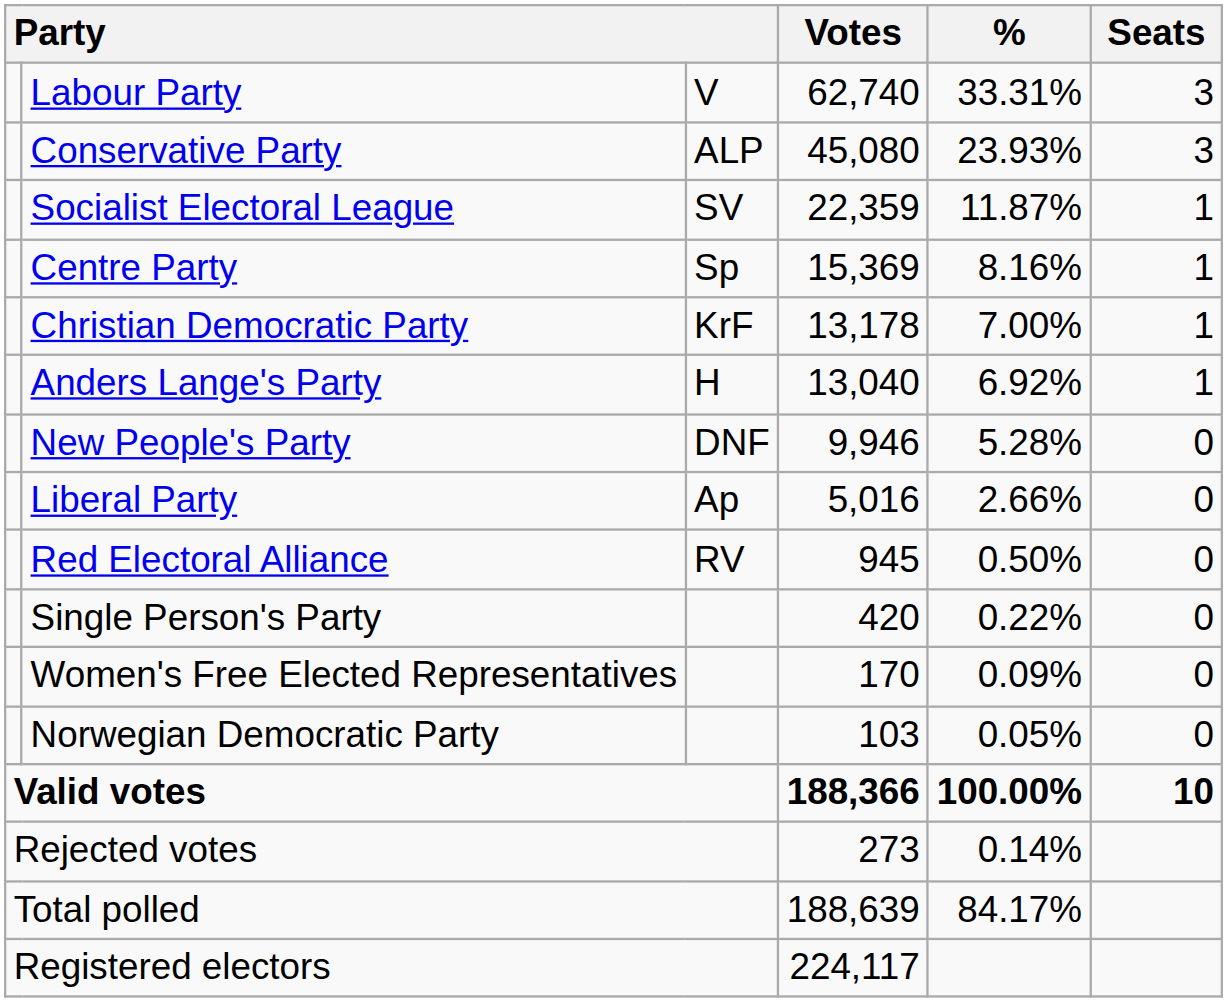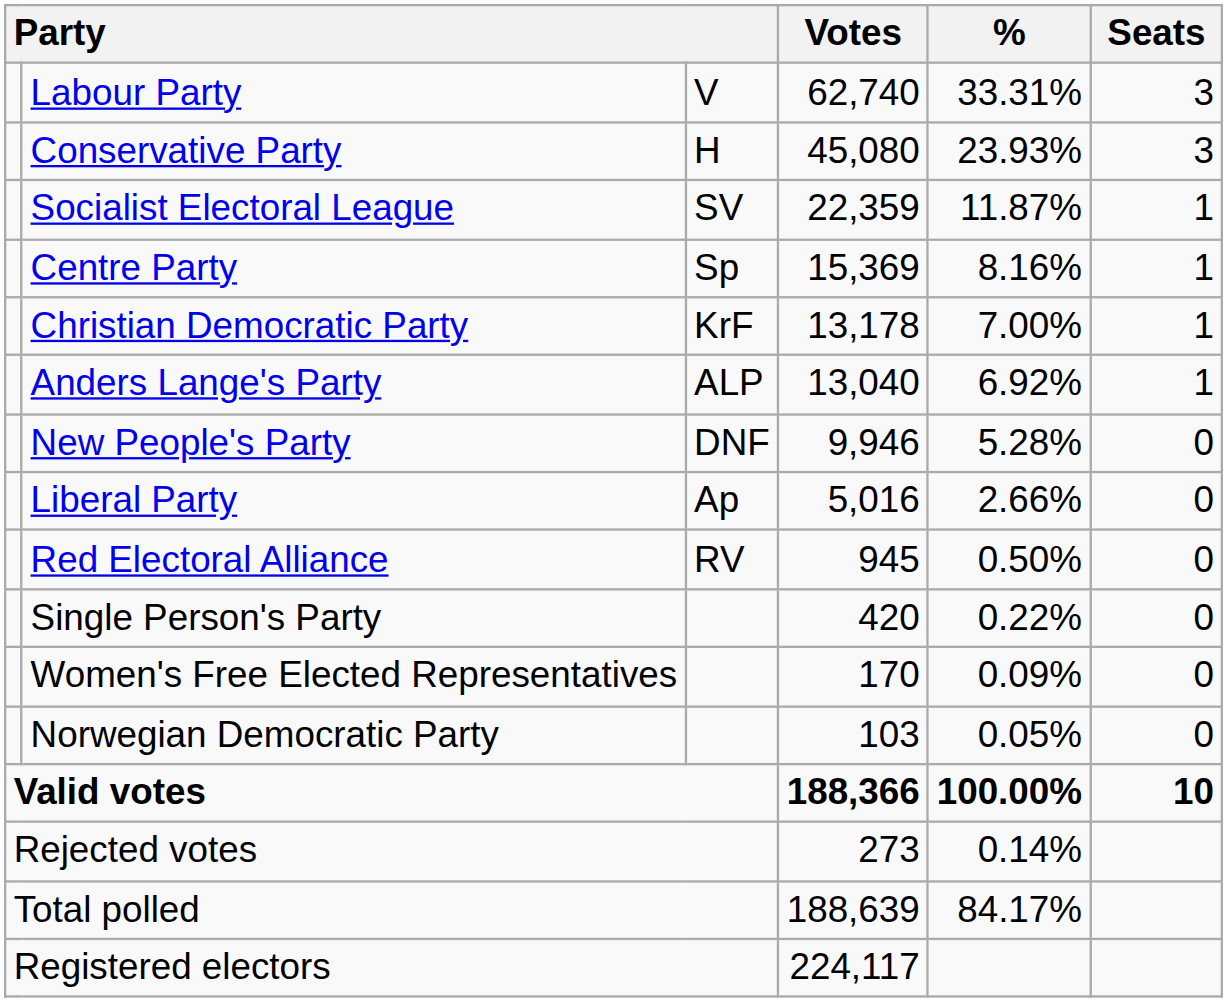 <table class="wikitable" border="1" style="text-align:right;">
 <tr>
 <th style="text-align:left;" colspan=3>Party</th>
 <th align=center width="50">Votes</th>
 <th align=center width="50">%</th>
 <th align=center width="50">Seats</th>
 </tr>
 <tr>
 <td style="color:inherit;background:"></td>
 <td align=left><a href='#'>Labour Party</a></td>
 <td align=left>V</td>
 <td>62,740</td>
 <td>33.31%</td>
 <td>3</td>
 </tr>
 <tr>
 <td style="color:inherit;background:"></td>
 <td align=left><a href='#'>Conservative Party</a></td>
-<td align=left>ALP</td>
+<td align=left>H</td>
 <td>45,080</td>
 <td>23.93%</td>
 <td>3</td>
 </tr>
 <tr>
 <td style="color:inherit;background:"></td>
 <td align=left><a href='#'>Socialist Electoral League</a></td>
 <td align=left>SV</td>
 <td>22,359</td>
 <td>11.87%</td>
 <td>1</td>
 </tr>
 <tr>
 <td style="color:inherit;background:"></td>
 <td align=left><a href='#'>Centre Party</a></td>
 <td align=left>Sp</td>
 <td>15,369</td>
 <td>8.16%</td>
 <td>1</td>
 </tr>
 <tr>
 <td style="color:inherit;background:"></td>
 <td align=left><a href='#'>Christian Democratic Party</a></td>
 <td align=left>KrF</td>
 <td>13,178</td>
 <td>7.00%</td>
 <td>1</td>
 </tr>
 <tr>
 <td style="color:inherit;background:"></td>
 <td align=left><a href='#'>Anders Lange's Party</a></td>
-<td align=left>H</td>
+<td align=left>ALP</td>
 <td>13,040</td>
 <td>6.92%</td>
 <td>1</td>
 </tr>
 <tr>
 <td style="color:inherit;background:"></td>
 <td align=left><a href='#'>New People's Party</a></td>
 <td align=left>DNF</td>
 <td>9,946</td>
 <td>5.28%</td>
 <td>0</td>
 </tr>
 <tr>
 <td style="color:inherit;background:"></td>
 <td align=left><a href='#'>Liberal Party</a></td>
 <td align=left>Ap</td>
 <td>5,016</td>
 <td>2.66%</td>
 <td>0</td>
 </tr>
 <tr>
 <td style="color:inherit;background:"></td>
 <td align=left><a href='#'>Red Electoral Alliance</a></td>
 <td align=left>RV</td>
 <td>945</td>
 <td>0.50%</td>
 <td>0</td>
 </tr>
 <tr>
 <td></td>
 <td align=left>Single Person's Party</td>
 <td align=left></td>
 <td>420</td>
 <td>0.22%</td>
 <td>0</td>
 </tr>
 <tr>
 <td></td>
 <td align=left>Women's Free Elected Representatives</td>
 <td align=left></td>
 <td>170</td>
 <td>0.09%</td>
 <td>0</td>
 </tr>
 <tr>
 <td></td>
 <td align=left>Norwegian Democratic Party</td>
 <td align=left></td>
 <td>103</td>
 <td>0.05%</td>
 <td>0</td>
 </tr>
 <tr style="font-weight:bold">
 <td align=left colspan=3>Valid votes</td>
 <td>188,366</td>
 <td>100.00%</td>
 <td>10</td>
 </tr>
 <tr>
 <td align=left colspan=3>Rejected votes</td>
 <td>273</td>
 <td>0.14%</td>
 <td></td>
 </tr>
 <tr>
 <td align=left colspan=3>Total polled</td>
 <td>188,639</td>
 <td>84.17%</td>
 <td></td>
 </tr>
 <tr>
 <td align=left colspan=3>Registered electors</td>
 <td>224,117</td>
 <td></td>
 <td></td>
 </tr>
 </table>
